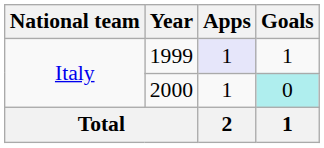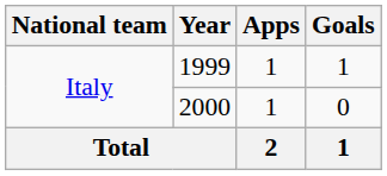 <table class="wikitable" style="text-align:center">
 <tr>
 <th>National team</th>
 <th>Year</th>
 <th>Apps</th>
 <th>Goals</th>
 </tr>
 <tr>
 <td rowspan="2"><a href='#'>Italy</a></td>
 <td>1999</td>
-<td style="background: lavender;">1</td>
+<td>1</td>
 <td>1</td>
 </tr>
 <tr>
 <td>2000</td>
 <td>1</td>
-<td style="background: paleturquoise;">0</td>
+<td>0</td>
 </tr>
 <tr>
 <th colspan="2">Total</th>
 <th>2</th>
 <th>1</th>
 </tr>
 </table>
